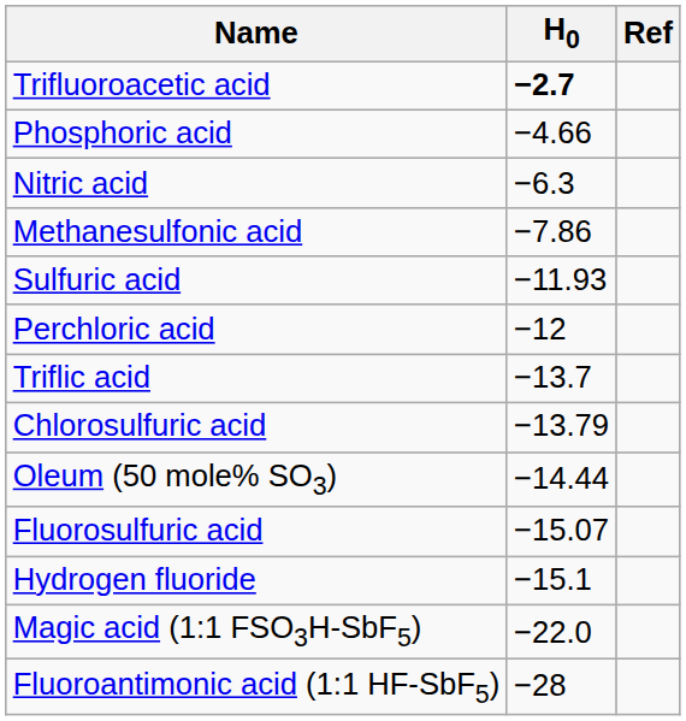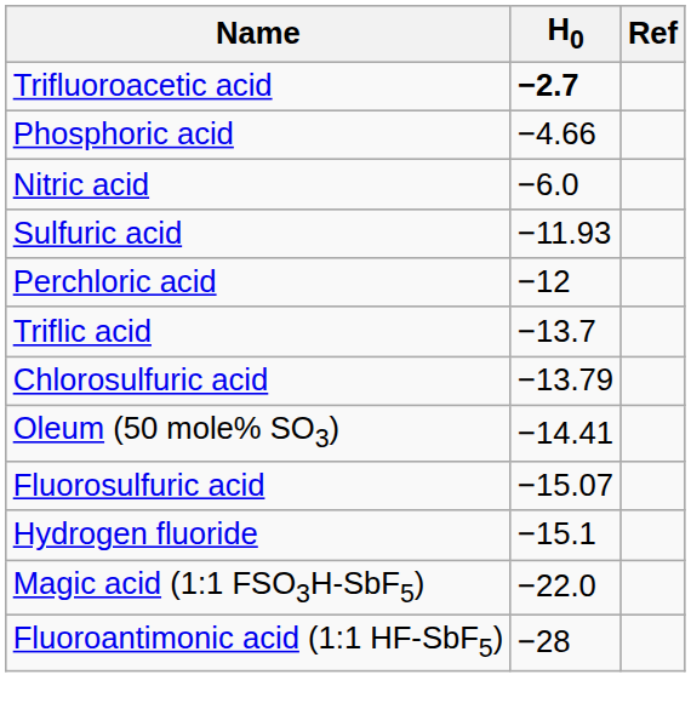 <table class="wikitable sortable">
 <tr>
 <th>Name</th>
 <th>H<sub>0</sub></th>
 <th>Ref</th>
 </tr>
 <tr>
 <td><a href='#'>Trifluoroacetic acid</a></td>
 <td><strong>−2.7</strong></td>
 <td></td>
 </tr>
 <tr>
 <td><a href='#'>Phosphoric acid</a></td>
 <td>−4.66</td>
 <td></td>
 </tr>
 <tr>
 <td><a href='#'>Nitric acid</a></td>
-<td>−6.3</td>
-<td></td>
-</tr>
-<tr>
-<td><a href='#'>Methanesulfonic acid</a></td>
-<td>−7.86</td>
+<td>−6.0</td>
 <td></td>
 </tr>
 <tr>
 <td><a href='#'>Sulfuric acid</a></td>
 <td>−11.93</td>
 <td></td>
 </tr>
 <tr>
 <td><a href='#'>Perchloric acid</a></td>
 <td>−12</td>
 <td></td>
 </tr>
 <tr>
 <td><a href='#'>Triflic acid</a></td>
 <td>−13.7</td>
 <td></td>
 </tr>
 <tr>
 <td><a href='#'>Chlorosulfuric acid</a></td>
 <td>−13.79</td>
 <td></td>
 </tr>
 <tr>
 <td><a href='#'>Oleum</a> (50 mole% SO<sub>3</sub>)</td>
-<td>−14.44</td>
+<td>−14.41</td>
 <td></td>
 </tr>
 <tr>
 <td><a href='#'>Fluorosulfuric acid</a></td>
 <td>−15.07</td>
 <td></td>
 </tr>
 <tr>
 <td><a href='#'>Hydrogen fluoride</a></td>
 <td>−15.1</td>
 <td></td>
 </tr>
 <tr>
 <td><a href='#'>Magic acid</a> (1:1 FSO<sub>3</sub>H-SbF<sub>5</sub>)</td>
 <td>−22.0</td>
 <td></td>
 </tr>
 <tr>
 <td><a href='#'>Fluoroantimonic acid</a> (1:1 HF-SbF<sub>5</sub>)</td>
 <td>−28</td>
 <td></td>
 </tr>
 </table>
